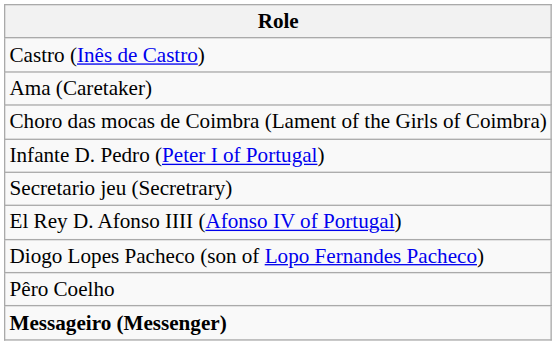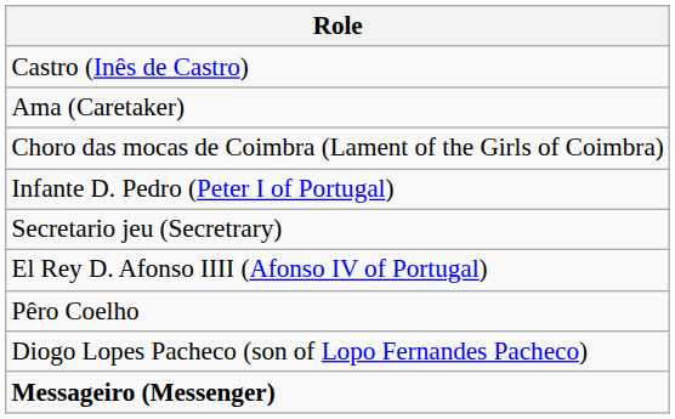 <table class="wikitable">
 <tr>
 <th>Role</th>
 </tr>
 <tr>
 <td>Castro (<a href='#'>Inês de Castro</a>)</td>
 </tr>
 <tr>
 <td>Ama (Caretaker)</td>
 </tr>
 <tr>
 <td>Choro das mocas de Coimbra (Lament of the Girls of Coimbra)</td>
 </tr>
 <tr>
 <td>Infante D. Pedro (<a href='#'>Peter I of Portugal</a>)</td>
 </tr>
 <tr>
 <td>Secretario jeu (Secretrary)</td>
 </tr>
 <tr>
 <td>El Rey D. Afonso IIII (<a href='#'>Afonso IV of Portugal</a>)</td>
 </tr>
 <tr>
-<td>Diogo Lopes Pacheco (son of <a href='#'>Lopo Fernandes Pacheco</a>)</td>
+<td>Pêro Coelho</td>
 </tr>
 <tr>
-<td>Pêro Coelho</td>
+<td>Diogo Lopes Pacheco (son of <a href='#'>Lopo Fernandes Pacheco</a>)</td>
 </tr>
 <tr>
 <td><strong>Messageiro (Messenger)</strong></td>
 </tr>
 </table>
